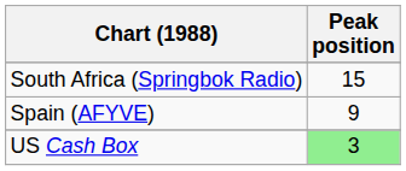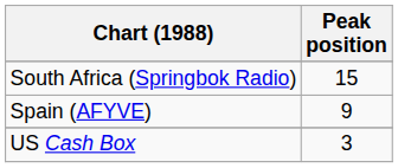 <table class="wikitable sortable">
 <tr>
 <th>Chart (1988)</th>
 <th>Peak<br>position</th>
 </tr>
 <tr>
 </tr>
 <tr>
 </tr>
 <tr>
 </tr>
 <tr>
 </tr>
 <tr>
 </tr>
 <tr>
 </tr>
 <tr>
 </tr>
 <tr>
 </tr>
 <tr>
 <td>South Africa (<a href='#'>Springbok Radio</a>)</td>
 <td align="center">15</td>
 </tr>
 <tr>
 <td>Spain (<a href='#'>AFYVE</a>)</td>
 <td align="center">9</td>
 </tr>
 <tr>
 </tr>
 <tr>
 </tr>
 <tr>
 </tr>
 <tr>
 </tr>
 <tr>
 </tr>
 <tr>
 <td>US <em><a href='#'>Cash Box</a></em></td>
-<td align="center" style="background: lightgreen;">3</td>
+<td align="center">3</td>
 </tr>
 <tr>
 </tr>
 </table>
